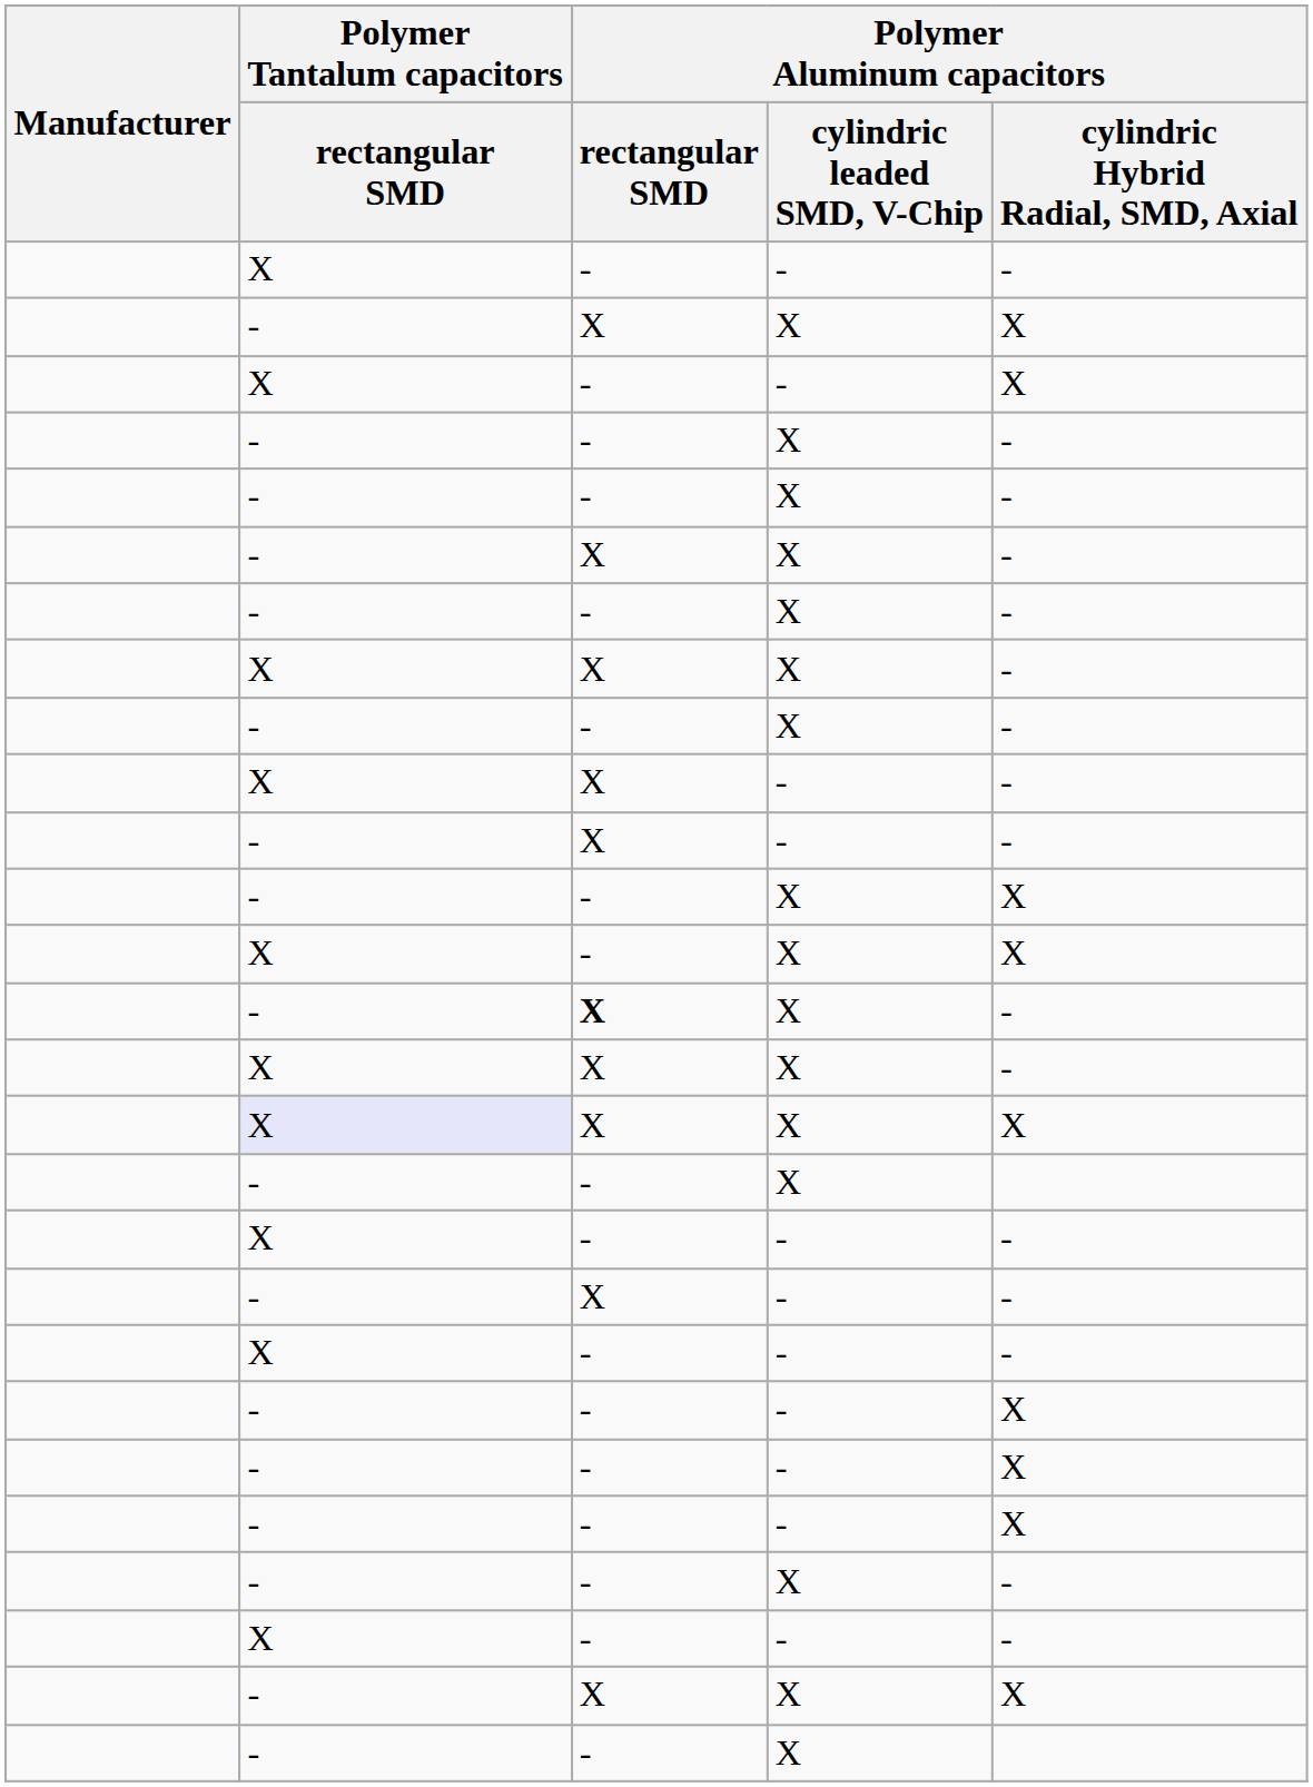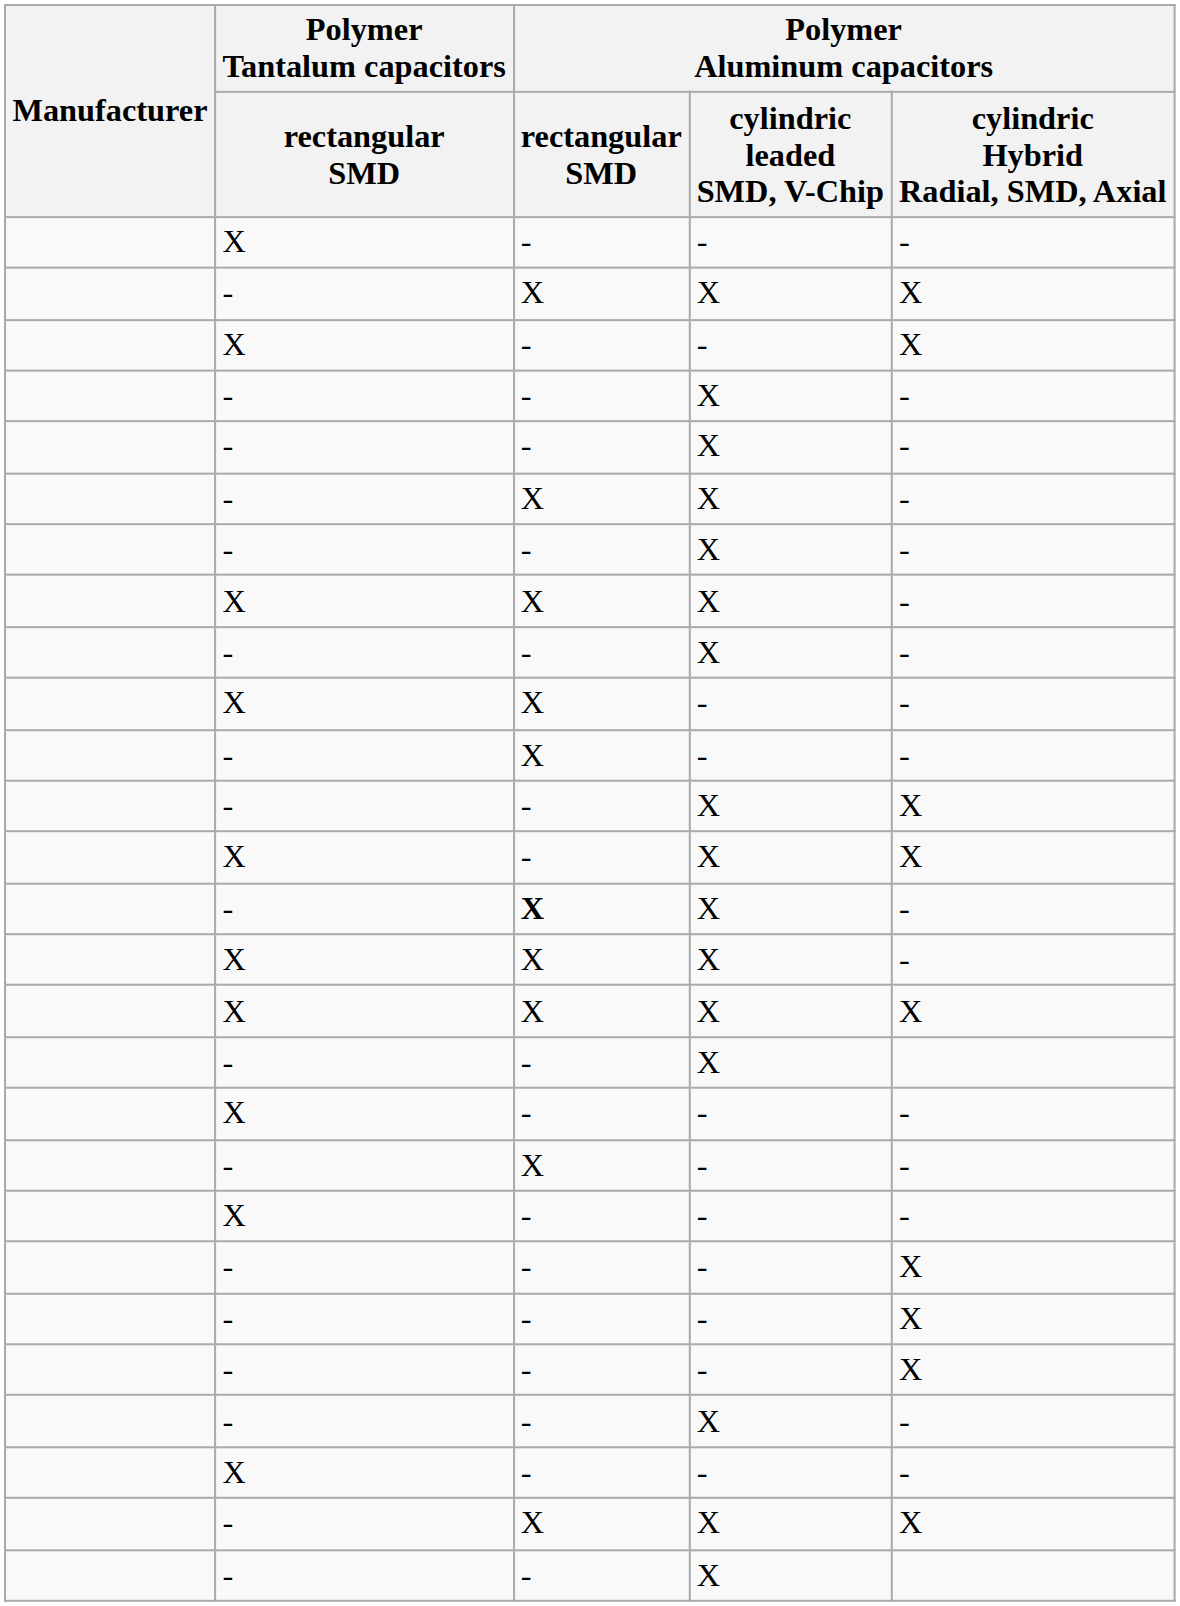 <table class="wikitable">
 <tr class="hintergrundfarbe6" style="text-align:center">
 <th rowspan="2">Manufacturer</th>
 <th colspan="1">Polymer <br> Tantalum capacitors</th>
 <th colspan="3">Polymer <br> Aluminum capacitors</th>
 </tr>
 <tr class="hintergrundfarbe6" style="text-align:center">
 <th>rectangular <br>SMD</th>
 <th>rectangular<br>SMD</th>
 <th>cylindric<br>leaded <br>SMD, V-Chip</th>
 <th>cylindric<br>Hybrid<br>Radial, SMD,  Axial</th>
 </tr>
 <tr>
 <td style="text-align:left"></td>
 <td>X</td>
 <td>-</td>
 <td>-</td>
 <td ->-</td>
 </tr>
 <tr>
 <td style="text-align:left"></td>
 <td>-</td>
 <td>X</td>
 <td>X</td>
 <td>X</td>
 </tr>
 <tr>
 <td style="text-align:left"></td>
 <td>X</td>
 <td>-</td>
 <td>-</td>
 <td>X</td>
 </tr>
 <tr>
 <td></td>
 <td>-</td>
 <td>-</td>
 <td>X</td>
 <td>-</td>
 </tr>
 <tr>
 <td style="text-align:left"> </td>
 <td>-</td>
 <td>-</td>
 <td>X</td>
 <td>-</td>
 </tr>
 <tr>
 <td style="text-align:left"></td>
 <td>-</td>
 <td>X</td>
 <td>X</td>
 <td>-</td>
 </tr>
 <tr>
 <td style="text-align:left"></td>
 <td>-</td>
 <td>-</td>
 <td>X</td>
 <td>-</td>
 </tr>
 <tr>
 <td style="text-align:left"> </td>
 <td>X</td>
 <td>X</td>
 <td>X</td>
 <td>-</td>
 </tr>
 <tr>
 <td style="text-align:left"></td>
 <td>-</td>
 <td>-</td>
 <td>X</td>
 <td>-</td>
 </tr>
 <tr>
 <td style="text-align:left"></td>
 <td>X</td>
 <td>X</td>
 <td>-</td>
 <td>-</td>
 </tr>
 <tr>
 <td style="text-align:left"></td>
 <td>-</td>
 <td>X</td>
 <td>-</td>
 <td>-</td>
 </tr>
 <tr>
 <td style="text-align:left"></td>
 <td>-</td>
 <td>-</td>
 <td>X</td>
 <td>X</td>
 </tr>
 <tr>
 <td style="text-align:left"></td>
 <td>X</td>
 <td>-</td>
 <td>X</td>
 <td>X</td>
 </tr>
 <tr>
 <td style="text-align:left"></td>
 <td>-</td>
 <td><strong>X</strong></td>
 <td>X</td>
 <td>-</td>
 </tr>
 <tr>
 <td></td>
 <td>X</td>
 <td>X</td>
 <td>X</td>
 <td>-</td>
 </tr>
 <tr>
 <td style="text-align:left"></td>
-<td style="background: lavender;">X</td>
+<td>X</td>
 <td>X</td>
 <td>X</td>
 <td>X</td>
 </tr>
 <tr>
 <td style="text-align:left"></td>
 <td>-</td>
 <td>-</td>
 <td>X</td>
 <td></td>
 </tr>
 <tr>
 <td style="text-align:left"></td>
 <td>X</td>
 <td>-</td>
 <td>-</td>
 <td>-</td>
 </tr>
 <tr>
 <td style="text-align:left"></td>
 <td>-</td>
 <td>X</td>
 <td>-</td>
 <td>-</td>
 </tr>
 <tr>
 <td style="text-align:left"></td>
 <td>X</td>
 <td>-</td>
 <td>-</td>
 <td>-</td>
 </tr>
 <tr>
 <td style="text-align:left"></td>
 <td>-</td>
 <td>-</td>
 <td>-</td>
 <td>X</td>
 </tr>
 <tr>
 <td style="text-align:left"></td>
 <td>-</td>
 <td>-</td>
 <td>-</td>
 <td>X</td>
 </tr>
 <tr>
 <td></td>
 <td>-</td>
 <td>-</td>
 <td>-</td>
 <td>X</td>
 </tr>
 <tr>
 <td style="text-align:left"> </td>
 <td>-</td>
 <td>-</td>
 <td>X</td>
 <td>-</td>
 </tr>
 <tr>
 <td style="text-align:left"></td>
 <td>X</td>
 <td>-</td>
 <td>-</td>
 <td>-</td>
 </tr>
 <tr>
 <td style="text-align:left"></td>
 <td>-</td>
 <td>X</td>
 <td>X</td>
 <td>X</td>
 </tr>
 <tr>
 <td style="text-align:left"></td>
 <td>-</td>
 <td>-</td>
 <td>X</td>
 <td></td>
 </tr>
 </table>
